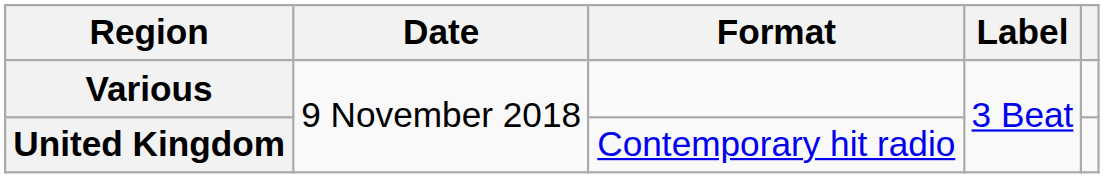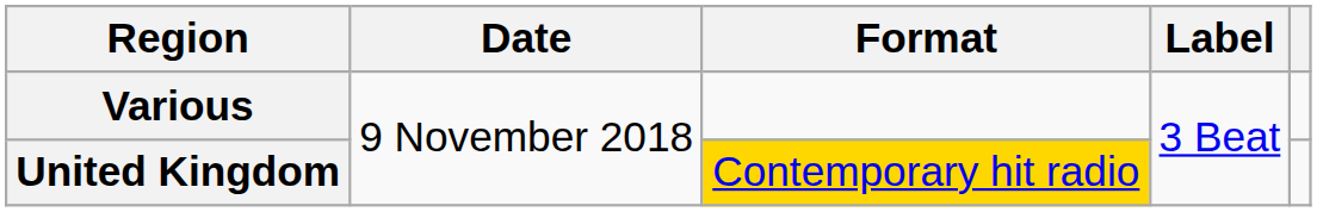 <table class="wikitable plainrowheaders">
 <tr>
 <th scope="col">Region</th>
 <th scope="col">Date</th>
 <th scope="col">Format</th>
 <th scope="col">Label</th>
 <th scope="col"></th>
 </tr>
 <tr>
 <th scope="row">Various</th>
 <td rowspan="2">9 November 2018</td>
 <td></td>
 <td rowspan="2"><a href='#'>3 Beat</a></td>
 <td style="text-align:center;"></td>
 </tr>
 <tr>
 <th scope="row">United Kingdom</th>
-<td><a href='#'>Contemporary hit radio</a></td>
+<td style="background: gold;"><a href='#'>Contemporary hit radio</a></td>
 <td style="text-align:center;"></td>
 </tr>
 </table>
